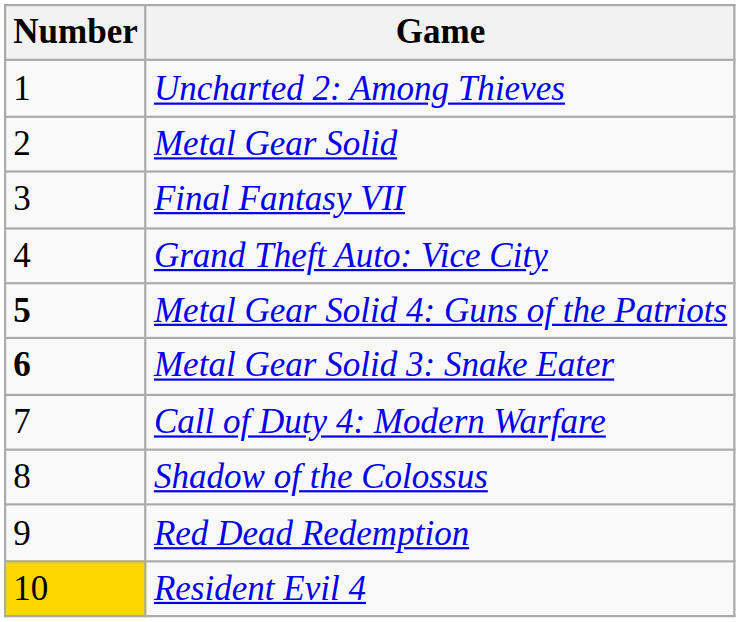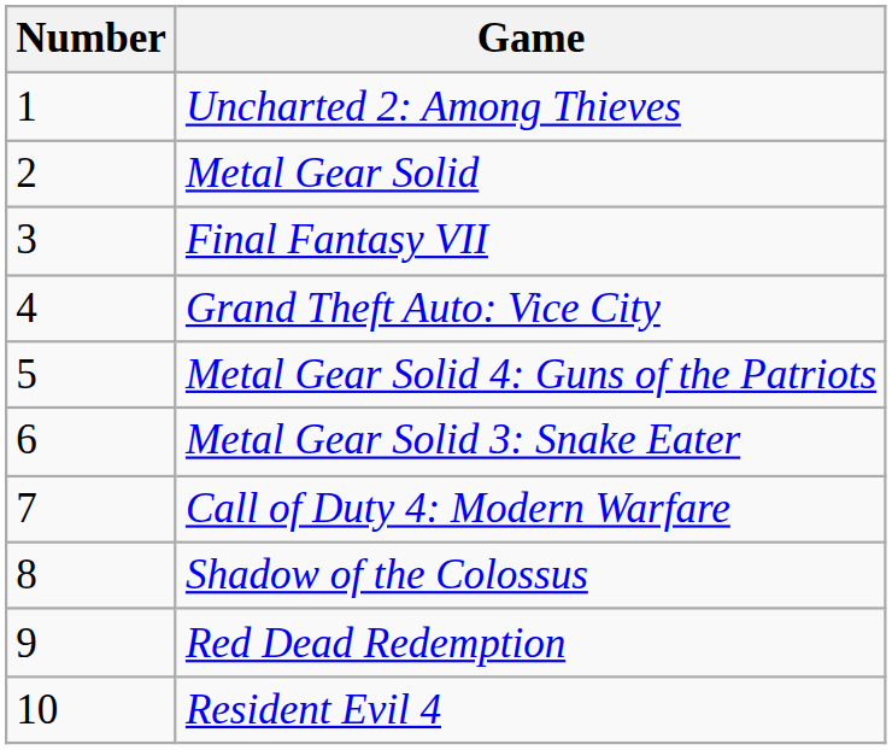 <table class="wikitable">
 <tr>
 <th>Number</th>
 <th>Game</th>
 </tr>
 <tr>
 <td>1</td>
 <td><em><a href='#'>Uncharted 2: Among Thieves</a></em></td>
 </tr>
 <tr>
 <td>2</td>
 <td><em><a href='#'>Metal Gear Solid</a></em></td>
 </tr>
 <tr>
 <td>3</td>
 <td><em><a href='#'>Final Fantasy VII</a></em></td>
 </tr>
 <tr>
 <td>4</td>
 <td><em><a href='#'>Grand Theft Auto: Vice City</a></em></td>
 </tr>
 <tr>
-<td><strong>5</strong></td>
+<td>5</td>
 <td><em><a href='#'>Metal Gear Solid 4: Guns of the Patriots</a></em></td>
 </tr>
 <tr>
-<td><strong>6</strong></td>
+<td>6</td>
 <td><em><a href='#'>Metal Gear Solid 3: Snake Eater</a></em></td>
 </tr>
 <tr>
 <td>7</td>
 <td><em><a href='#'>Call of Duty 4: Modern Warfare</a></em></td>
 </tr>
 <tr>
 <td>8</td>
 <td><em><a href='#'>Shadow of the Colossus</a></em></td>
 </tr>
 <tr>
 <td>9</td>
 <td><em><a href='#'>Red Dead Redemption</a></em></td>
 </tr>
 <tr>
-<td style="background: gold;">10</td>
+<td>10</td>
 <td><em><a href='#'>Resident Evil 4</a></em></td>
 </tr>
 </table>
